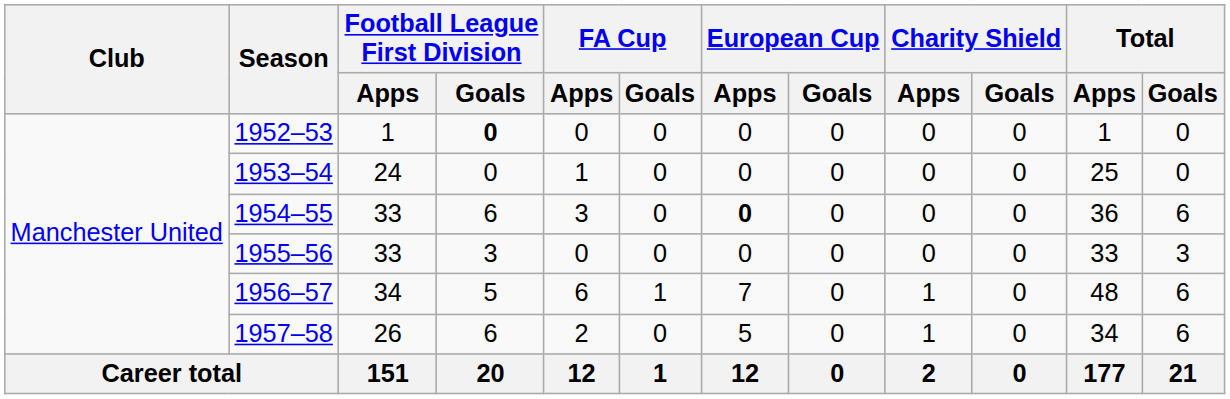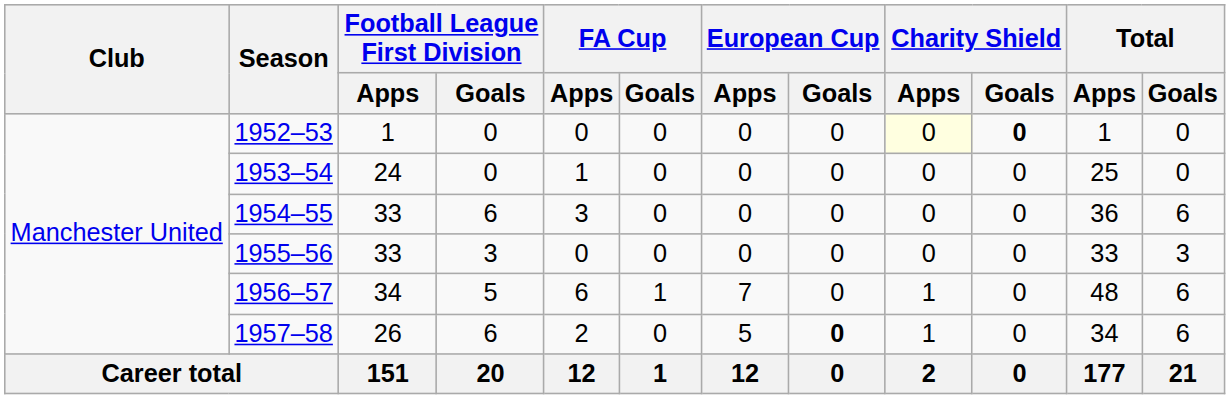 <table class="wikitable" style="text-align: center;">
 <tr>
 <th rowspan="2">Club</th>
 <th rowspan="2">Season</th>
 <th colspan="2"><a href='#'>Football League</a><br><a href='#'>First Division</a></th>
 <th colspan="2"><a href='#'>FA Cup</a></th>
 <th colspan="2"><a href='#'>European Cup</a></th>
 <th colspan="2"><a href='#'>Charity Shield</a></th>
 <th colspan="2">Total</th>
 </tr>
 <tr>
 <th>Apps</th>
 <th>Goals</th>
 <th>Apps</th>
 <th>Goals</th>
 <th>Apps</th>
 <th>Goals</th>
 <th>Apps</th>
 <th>Goals</th>
 <th>Apps</th>
 <th>Goals</th>
 </tr>
 <tr>
 <td rowspan="6"><a href='#'>Manchester United</a></td>
 <td><a href='#'>1952–53</a></td>
 <td>1</td>
-<td><strong>0</strong></td>
 <td>0</td>
 <td>0</td>
 <td>0</td>
 <td>0</td>
 <td>0</td>
-<td>0</td>
+<td style="background: lightyellow;">0</td>
+<td><strong>0</strong></td>
 <td>1</td>
 <td>0</td>
 </tr>
 <tr>
 <td><a href='#'>1953–54</a></td>
 <td>24</td>
 <td>0</td>
 <td>1</td>
 <td>0</td>
 <td>0</td>
 <td>0</td>
 <td>0</td>
 <td>0</td>
 <td>25</td>
 <td>0</td>
 </tr>
 <tr>
 <td><a href='#'>1954–55</a></td>
 <td>33</td>
 <td>6</td>
 <td>3</td>
 <td>0</td>
-<td><strong>0</strong></td>
+<td>0</td>
 <td>0</td>
 <td>0</td>
 <td>0</td>
 <td>36</td>
 <td>6</td>
 </tr>
 <tr>
 <td><a href='#'>1955–56</a></td>
 <td>33</td>
 <td>3</td>
 <td>0</td>
 <td>0</td>
 <td>0</td>
 <td>0</td>
 <td>0</td>
 <td>0</td>
 <td>33</td>
 <td>3</td>
 </tr>
 <tr>
 <td><a href='#'>1956–57</a></td>
 <td>34</td>
 <td>5</td>
 <td>6</td>
 <td>1</td>
 <td>7</td>
 <td>0</td>
 <td>1</td>
 <td>0</td>
 <td>48</td>
 <td>6</td>
 </tr>
 <tr>
 <td><a href='#'>1957–58</a></td>
 <td>26</td>
 <td>6</td>
 <td>2</td>
 <td>0</td>
 <td>5</td>
-<td>0</td>
+<td><strong>0</strong></td>
 <td>1</td>
 <td>0</td>
 <td>34</td>
 <td>6</td>
 </tr>
 <tr>
 <th colspan="2">Career total</th>
 <th>151</th>
 <th>20</th>
 <th>12</th>
 <th>1</th>
 <th>12</th>
 <th>0</th>
 <th>2</th>
 <th>0</th>
 <th>177</th>
 <th>21</th>
 </tr>
 </table>
